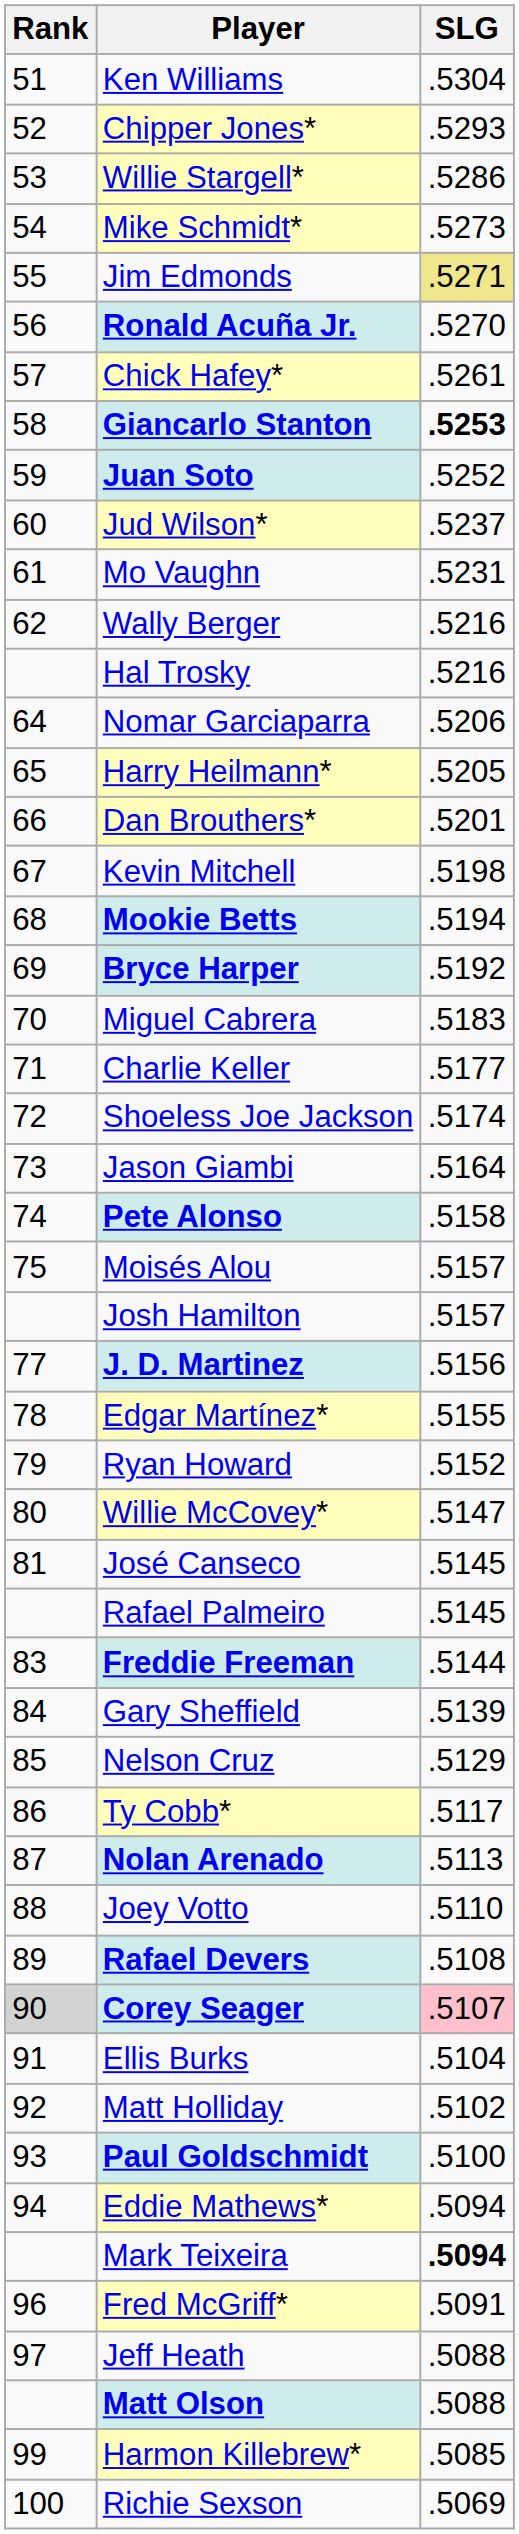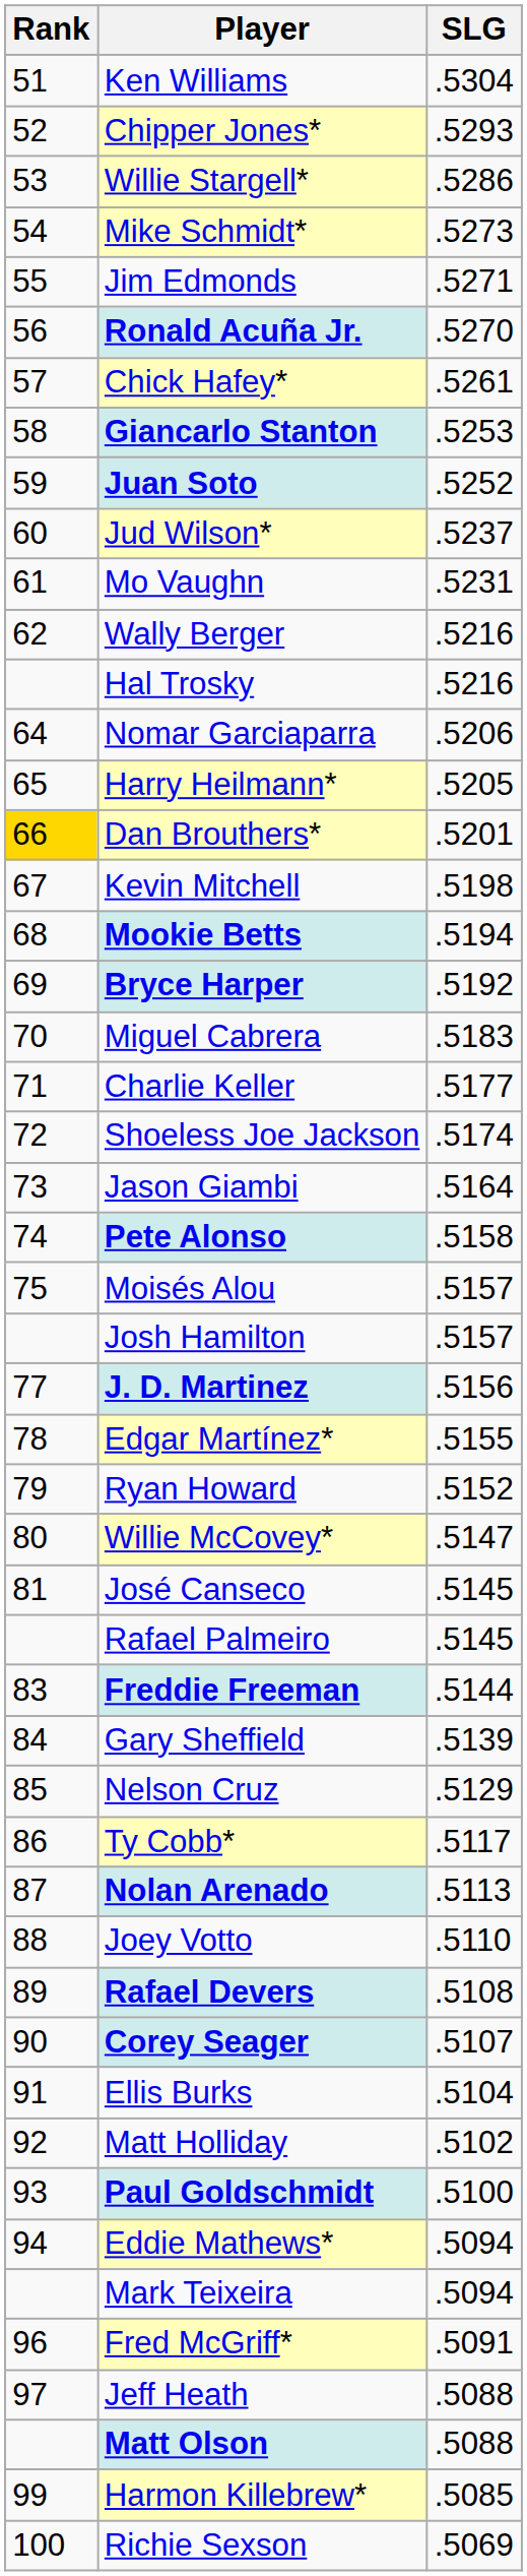 <table class="wikitable" style="float:left;">
 <tr style="white-space:nowrap;">
 <th>Rank</th>
 <th>Player</th>
 <th>SLG</th>
 </tr>
 <tr>
 <td>51</td>
 <td><a href='#'>Ken Williams</a></td>
 <td>.5304</td>
 </tr>
 <tr>
 <td>52</td>
 <td style="background:#ffffbb;"><a href='#'>Chipper Jones</a>*</td>
 <td>.5293</td>
 </tr>
 <tr>
 <td>53</td>
 <td style="background:#ffffbb;"><a href='#'>Willie Stargell</a>*</td>
 <td>.5286</td>
 </tr>
 <tr>
 <td>54</td>
 <td style="background:#ffffbb;"><a href='#'>Mike Schmidt</a>*</td>
 <td>.5273</td>
 </tr>
 <tr>
 <td>55</td>
 <td><a href='#'>Jim Edmonds</a></td>
-<td style="background: khaki;">.5271</td>
+<td>.5271</td>
 </tr>
 <tr>
 <td>56</td>
 <td style="background:#cfecec;"><strong><a href='#'>Ronald Acuña Jr.</a></strong></td>
 <td>.5270</td>
 </tr>
 <tr>
 <td>57</td>
 <td style="background:#ffffbb;"><a href='#'>Chick Hafey</a>*</td>
 <td>.5261</td>
 </tr>
 <tr>
 <td>58</td>
 <td style="background:#cfecec;"><strong><a href='#'>Giancarlo Stanton</a></strong></td>
-<td><strong>.5253</strong></td>
+<td>.5253</td>
 </tr>
 <tr>
 <td>59</td>
 <td style="background:#cfecec;"><strong><a href='#'>Juan Soto</a></strong></td>
 <td>.5252</td>
 </tr>
 <tr>
 <td>60</td>
 <td style="background:#ffffbb;"><a href='#'>Jud Wilson</a>*</td>
 <td>.5237</td>
 </tr>
 <tr>
 <td>61</td>
 <td><a href='#'>Mo Vaughn</a></td>
 <td>.5231</td>
 </tr>
 <tr>
 <td>62</td>
 <td><a href='#'>Wally Berger</a></td>
 <td>.5216</td>
 </tr>
 <tr>
 <td></td>
 <td><a href='#'>Hal Trosky</a></td>
 <td>.5216</td>
 </tr>
 <tr>
 <td>64</td>
 <td><a href='#'>Nomar Garciaparra</a></td>
 <td>.5206</td>
 </tr>
 <tr>
 <td>65</td>
 <td style="background:#ffffbb;"><a href='#'>Harry Heilmann</a>*</td>
 <td>.5205</td>
 </tr>
 <tr>
-<td>66</td>
+<td style="background: gold;">66</td>
 <td style="background:#ffffbb;"><a href='#'>Dan Brouthers</a>*</td>
 <td>.5201</td>
 </tr>
 <tr>
 <td>67</td>
 <td><a href='#'>Kevin Mitchell</a></td>
 <td>.5198</td>
 </tr>
 <tr>
 <td>68</td>
 <td style="background:#cfecec;"><strong><a href='#'>Mookie Betts</a></strong></td>
 <td>.5194</td>
 </tr>
 <tr>
 <td>69</td>
 <td style="background:#cfecec;"><strong><a href='#'>Bryce Harper</a></strong></td>
 <td>.5192</td>
 </tr>
 <tr>
 <td>70</td>
 <td><a href='#'>Miguel Cabrera</a></td>
 <td>.5183</td>
 </tr>
 <tr>
 <td>71</td>
 <td><a href='#'>Charlie Keller</a></td>
 <td>.5177</td>
 </tr>
 <tr>
 <td>72</td>
 <td><a href='#'>Shoeless Joe Jackson</a></td>
 <td>.5174</td>
 </tr>
 <tr>
 <td>73</td>
 <td><a href='#'>Jason Giambi</a></td>
 <td>.5164</td>
 </tr>
 <tr>
 <td>74</td>
 <td style="background:#cfecec;"><strong><a href='#'>Pete Alonso</a></strong></td>
 <td>.5158</td>
 </tr>
 <tr>
 <td>75</td>
 <td><a href='#'>Moisés Alou</a></td>
 <td>.5157</td>
 </tr>
 <tr>
 <td></td>
 <td><a href='#'>Josh Hamilton</a></td>
 <td>.5157</td>
 </tr>
 <tr>
 <td>77</td>
 <td style="background:#cfecec;"><strong><a href='#'>J. D. Martinez</a></strong></td>
 <td>.5156</td>
 </tr>
 <tr>
 <td>78</td>
 <td style="background:#ffffbb;"><a href='#'>Edgar Martínez</a>*</td>
 <td>.5155</td>
 </tr>
 <tr>
 <td>79</td>
 <td><a href='#'>Ryan Howard</a></td>
 <td>.5152</td>
 </tr>
 <tr>
 <td>80</td>
 <td style="background:#ffffbb;"><a href='#'>Willie McCovey</a>*</td>
 <td>.5147</td>
 </tr>
 <tr>
 <td>81</td>
 <td><a href='#'>José Canseco</a></td>
 <td>.5145</td>
 </tr>
 <tr>
 <td></td>
 <td><a href='#'>Rafael Palmeiro</a></td>
 <td>.5145</td>
 </tr>
 <tr>
 <td>83</td>
 <td style="background:#cfecec;"><strong><a href='#'>Freddie Freeman</a></strong></td>
 <td>.5144</td>
 </tr>
 <tr>
 <td>84</td>
 <td><a href='#'>Gary Sheffield</a></td>
 <td>.5139</td>
 </tr>
 <tr>
 <td>85</td>
 <td><a href='#'>Nelson Cruz</a></td>
 <td>.5129</td>
 </tr>
 <tr>
 <td>86</td>
 <td style="background:#ffffbb;"><a href='#'>Ty Cobb</a>*</td>
 <td>.5117</td>
 </tr>
 <tr>
 <td>87</td>
 <td style="background:#cfecec;"><strong><a href='#'>Nolan Arenado</a></strong></td>
 <td>.5113</td>
 </tr>
 <tr>
 <td>88</td>
 <td><a href='#'>Joey Votto</a></td>
 <td>.5110</td>
 </tr>
 <tr>
 <td>89</td>
 <td style="background:#cfecec;"><strong><a href='#'>Rafael Devers</a></strong></td>
 <td>.5108</td>
 </tr>
 <tr>
-<td style="background: lightgrey;">90</td>
+<td>90</td>
 <td style="background:#cfecec;"><strong><a href='#'>Corey Seager</a></strong></td>
-<td style="background: pink;">.5107</td>
+<td>.5107</td>
 </tr>
 <tr>
 <td>91</td>
 <td><a href='#'>Ellis Burks</a></td>
 <td>.5104</td>
 </tr>
 <tr>
 <td>92</td>
 <td><a href='#'>Matt Holliday</a></td>
 <td>.5102</td>
 </tr>
 <tr>
 <td>93</td>
 <td style="background:#cfecec;"><strong><a href='#'>Paul Goldschmidt</a></strong></td>
 <td>.5100</td>
 </tr>
 <tr>
 <td>94</td>
 <td style="background:#ffffbb;"><a href='#'>Eddie Mathews</a>*</td>
 <td>.5094</td>
 </tr>
 <tr>
 <td></td>
 <td><a href='#'>Mark Teixeira</a></td>
-<td><strong>.5094</strong></td>
+<td>.5094</td>
 </tr>
 <tr>
 <td>96</td>
 <td style="background:#ffffbb;"><a href='#'>Fred McGriff</a>*</td>
 <td>.5091</td>
 </tr>
 <tr>
 <td>97</td>
 <td><a href='#'>Jeff Heath</a></td>
 <td>.5088</td>
 </tr>
 <tr>
 <td></td>
 <td style="background:#cfecec;"><strong><a href='#'>Matt Olson</a></strong></td>
 <td>.5088</td>
 </tr>
 <tr>
 <td>99</td>
 <td style="background:#ffffbb;"><a href='#'>Harmon Killebrew</a>*</td>
 <td>.5085</td>
 </tr>
 <tr>
 <td>100</td>
 <td><a href='#'>Richie Sexson</a></td>
 <td>.5069</td>
 </tr>
 </table>
